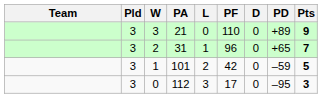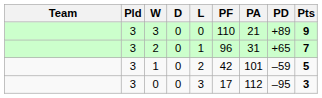 <table class="wikitable" style="text-align:center;">
 <tr>
 <th width="160">Team</th>
 <th width="25" abbr="Played">Pld</th>
 <th width="25" abbr="Won">W</th>
-<th width="32" abbr="Points against">PA</th>
+<th width="25" abbr="Drawn">D</th>
 <th width="25" abbr="Lost">L</th>
 <th width="32" abbr="Points for">PF</th>
-<th width="25" abbr="Drawn">D</th>
+<th width="32" abbr="Points against">PA</th>
 <th width="32" abbr="Points difference">PD</th>
 <th width="25" abbr="Points">Pts</th>
 </tr>
 <tr bgcolor="ccffcc">
 <td align="left"></td>
 <td>3</td>
 <td>3</td>
-<td>21</td>
+<td>0</td>
 <td>0</td>
 <td>110</td>
-<td>0</td>
+<td>21</td>
 <td>+89</td>
 <td><strong>9</strong></td>
 </tr>
 <tr bgcolor="ccffcc">
 <td align="left"></td>
 <td>3</td>
 <td>2</td>
-<td>31</td>
+<td>0</td>
 <td>1</td>
 <td>96</td>
-<td>0</td>
+<td>31</td>
 <td>+65</td>
 <td><strong>7</strong></td>
 </tr>
 <tr>
 <td align="left"></td>
 <td>3</td>
 <td>1</td>
-<td>101</td>
+<td>0</td>
 <td>2</td>
 <td>42</td>
-<td>0</td>
+<td>101</td>
 <td>–59</td>
 <td><strong>5</strong></td>
 </tr>
 <tr>
 <td align="left"></td>
 <td>3</td>
 <td>0</td>
-<td>112</td>
+<td>0</td>
 <td>3</td>
 <td>17</td>
-<td>0</td>
+<td>112</td>
 <td>–95</td>
 <td><strong>3</strong></td>
 </tr>
 </table>
